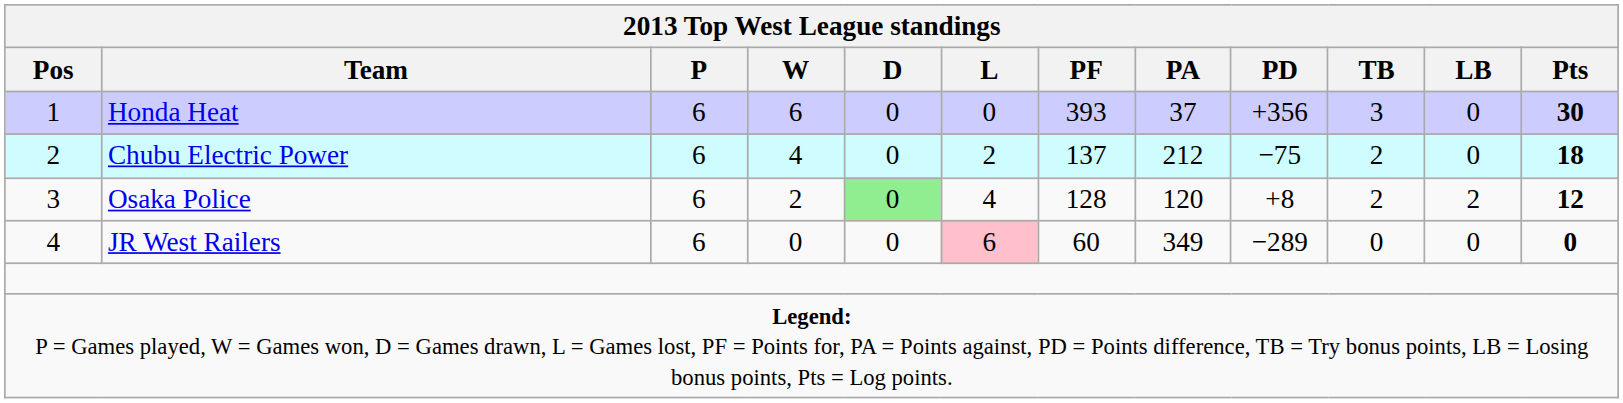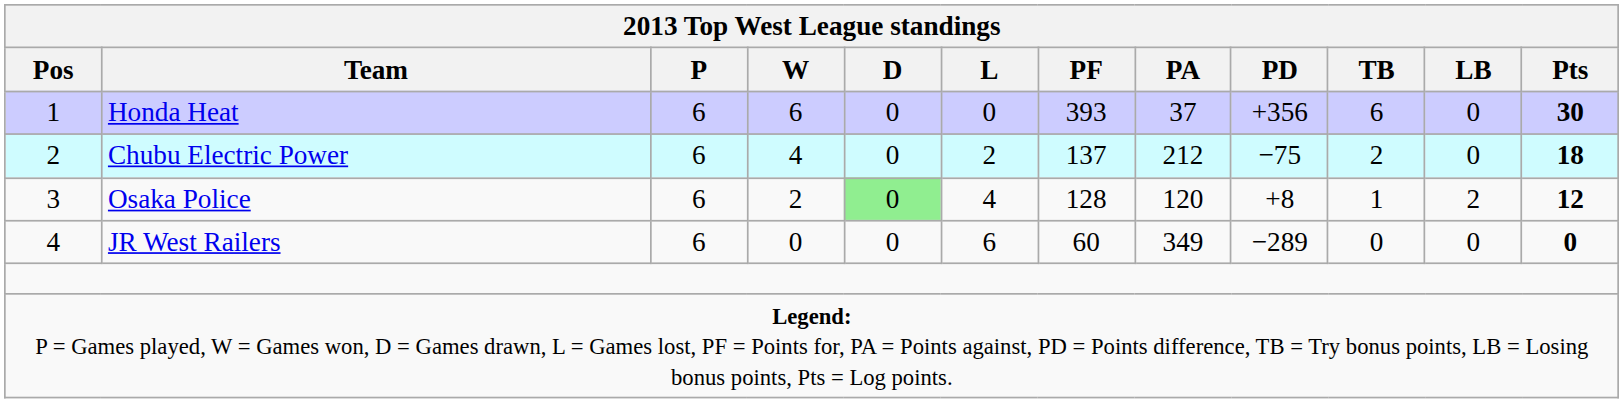 <table class="wikitable" style="text-align:center; font-size:100%; width:60%;">
 <tr>
 <th colspan="100%" cellpadding="0" cellspacing="0"><strong>2013 Top West League standings</strong></th>
 </tr>
 <tr>
 <th style="width:6%;">Pos</th>
 <th style="width:34%;">Team</th>
 <th style="width:6%;">P</th>
 <th style="width:6%;">W</th>
 <th style="width:6%;">D</th>
 <th style="width:6%;">L</th>
 <th style="width:6%;">PF</th>
 <th style="width:6%;">PA</th>
 <th style="width:6%;">PD</th>
 <th style="width:6%;">TB</th>
 <th style="width:6%;">LB</th>
 <th style="width:6%;">Pts<br></th>
 </tr>
 <tr style="background:#CCCCFF;">
 <td>1</td>
 <td style="text-align:left;"><a href='#'>Honda Heat</a></td>
 <td>6</td>
 <td>6</td>
 <td>0</td>
 <td>0</td>
 <td>393</td>
 <td>37</td>
 <td>+356</td>
-<td>3</td>
+<td>6</td>
 <td>0</td>
 <td><strong>30</strong></td>
 </tr>
 <tr style="background:#CFFCFF;">
 <td>2</td>
 <td style="text-align:left;"><a href='#'>Chubu Electric Power</a></td>
 <td>6</td>
 <td>4</td>
 <td>0</td>
 <td>2</td>
 <td>137</td>
 <td>212</td>
 <td>−75</td>
 <td>2</td>
 <td>0</td>
 <td><strong>18</strong></td>
 </tr>
 <tr>
 <td>3</td>
 <td style="text-align:left;"><a href='#'>Osaka Police</a></td>
 <td>6</td>
 <td>2</td>
 <td style="background: lightgreen;">0</td>
 <td>4</td>
 <td>128</td>
 <td>120</td>
 <td>+8</td>
-<td>2</td>
+<td>1</td>
 <td>2</td>
 <td><strong>12</strong></td>
 </tr>
 <tr>
 <td>4</td>
 <td style="text-align:left;"><a href='#'>JR West Railers</a></td>
 <td>6</td>
 <td>0</td>
 <td>0</td>
-<td style="background: pink;">6</td>
+<td>6</td>
 <td>60</td>
 <td>349</td>
 <td>−289</td>
 <td>0</td>
 <td>0</td>
 <td><strong>0</strong></td>
 </tr>
 <tr>
 <td colspan="100%" style="height:10px;"></td>
 </tr>
 <tr>
 <td colspan="100%"><small><strong>Legend:</strong> <br> P = Games played, W = Games won, D = Games drawn, L = Games lost, PF = Points for, PA = Points against, PD = Points difference, TB = Try bonus points, LB = Losing bonus points, Pts = Log points.</small></td>
 </tr>
 </table>
